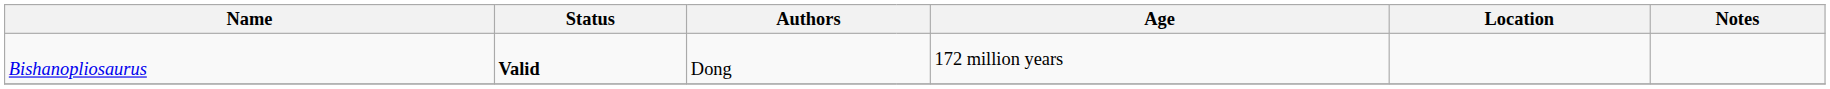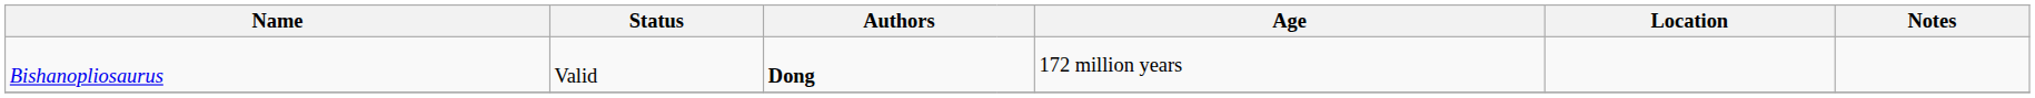 <table class="wikitable sortable" align="center" width="100%">
 <tr>
 <th>Name</th>
 <th>Status</th>
 <th colspan="2">Authors</th>
 <th>Age</th>
 <th>Location</th>
 <th>Notes</th>
 </tr>
 <tr>
 <td><br><em><a href='#'>Bishanopliosaurus</a></em></td>
-<td><strong><br>Valid</strong></td>
-<td style="border-right:0px" valign="top"><br>Dong</td>
+<td><br>Valid</td>
+<td style="border-right:0px" valign="top"><strong><br>Dong</strong></td>
 <td style="border-left:0px" valign="top"></td>
 <td>172 million years</td>
 <td></td>
 <td></td>
 </tr>
 <tr>
 </tr>
 </table>
